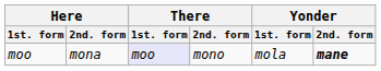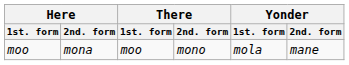 <table class = "wikitable">
 <tr>
 <th colspan = "2">Here</th>
 <th colspan = "2">There</th>
 <th colspan = "2">Yonder</th>
 </tr>
 <tr>
 <th style = "font-size: 80%">1st. form</th>
 <th style = "font-size: 80%">2nd. form</th>
 <th style = "font-size: 80%">1st. form</th>
 <th style = "font-size: 80%">2nd. form</th>
 <th style = "font-size: 80%">1st. form</th>
 <th style = "font-size: 80%">2nd. form</th>
 </tr>
 <tr>
 <td> <em>moo</em></td>
 <td> <em>mona</em></td>
-<td style="background: lavender;"> <em>moo</em></td>
+<td> <em>moo</em></td>
 <td> <em>mono</em></td>
 <td> <em>mola</em></td>
-<td><strong> <em>mane</em></strong></td>
+<td> <em>mane</em></td>
 </tr>
 </table>
